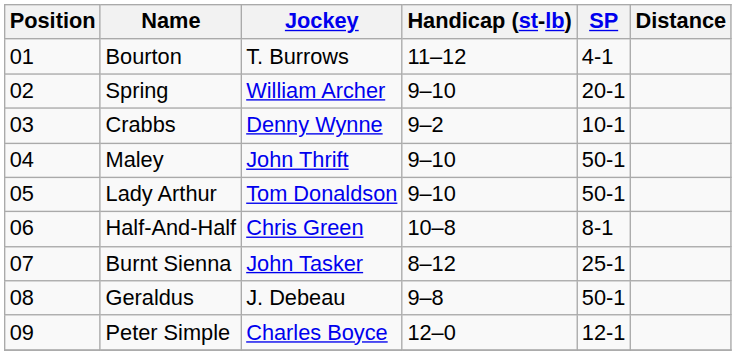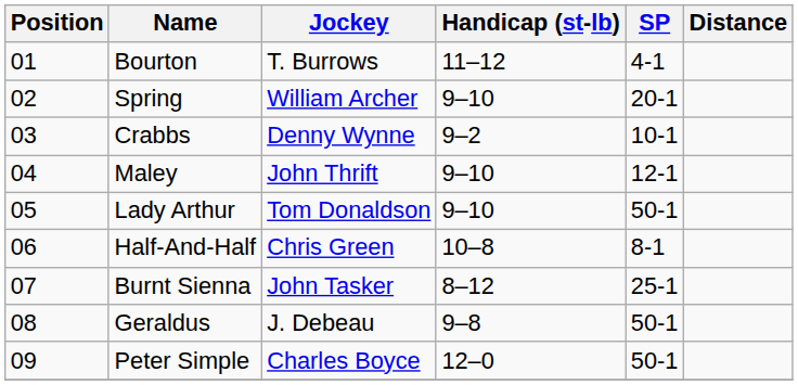 <table class="wikitable sortable">
 <tr>
 <th data-sort-type="number"><strong>Position</strong></th>
 <th>Name</th>
 <th><a href='#'>Jockey</a></th>
 <th>Handicap (<a href='#'>st</a>-<a href='#'>lb</a>)</th>
 <th><a href='#'>SP</a></th>
 <th>Distance</th>
 </tr>
 <tr>
 <td>01</td>
 <td>Bourton</td>
 <td>T. Burrows</td>
 <td>11–12</td>
 <td>4-1</td>
 <td></td>
 </tr>
 <tr>
 <td>02</td>
 <td>Spring</td>
 <td><a href='#'>William Archer</a></td>
 <td>9–10</td>
 <td>20-1</td>
 <td></td>
 </tr>
 <tr>
 <td>03</td>
 <td>Crabbs</td>
 <td><a href='#'>Denny Wynne</a></td>
 <td>9–2</td>
 <td>10-1</td>
 <td></td>
 </tr>
 <tr>
 <td>04</td>
 <td>Maley</td>
 <td><a href='#'>John Thrift</a></td>
 <td>9–10</td>
-<td>50-1</td>
+<td>12-1</td>
 <td></td>
 </tr>
 <tr>
 <td>05</td>
 <td>Lady Arthur</td>
 <td><a href='#'>Tom Donaldson</a></td>
 <td>9–10</td>
 <td>50-1</td>
 <td></td>
 </tr>
 <tr>
 <td>06</td>
 <td>Half-And-Half</td>
 <td><a href='#'>Chris Green</a></td>
 <td>10–8</td>
 <td>8-1</td>
 <td></td>
 </tr>
 <tr>
 <td>07</td>
 <td>Burnt Sienna</td>
 <td><a href='#'>John Tasker</a></td>
 <td>8–12</td>
 <td>25-1</td>
 <td></td>
 </tr>
 <tr>
 <td>08</td>
 <td>Geraldus</td>
 <td>J. Debeau</td>
 <td>9–8</td>
 <td>50-1</td>
 <td></td>
 </tr>
 <tr>
 <td>09</td>
 <td>Peter Simple</td>
 <td><a href='#'>Charles Boyce</a></td>
 <td>12–0</td>
-<td>12-1</td>
+<td>50-1</td>
 <td></td>
 </tr>
 <tr>
 </tr>
 </table>
